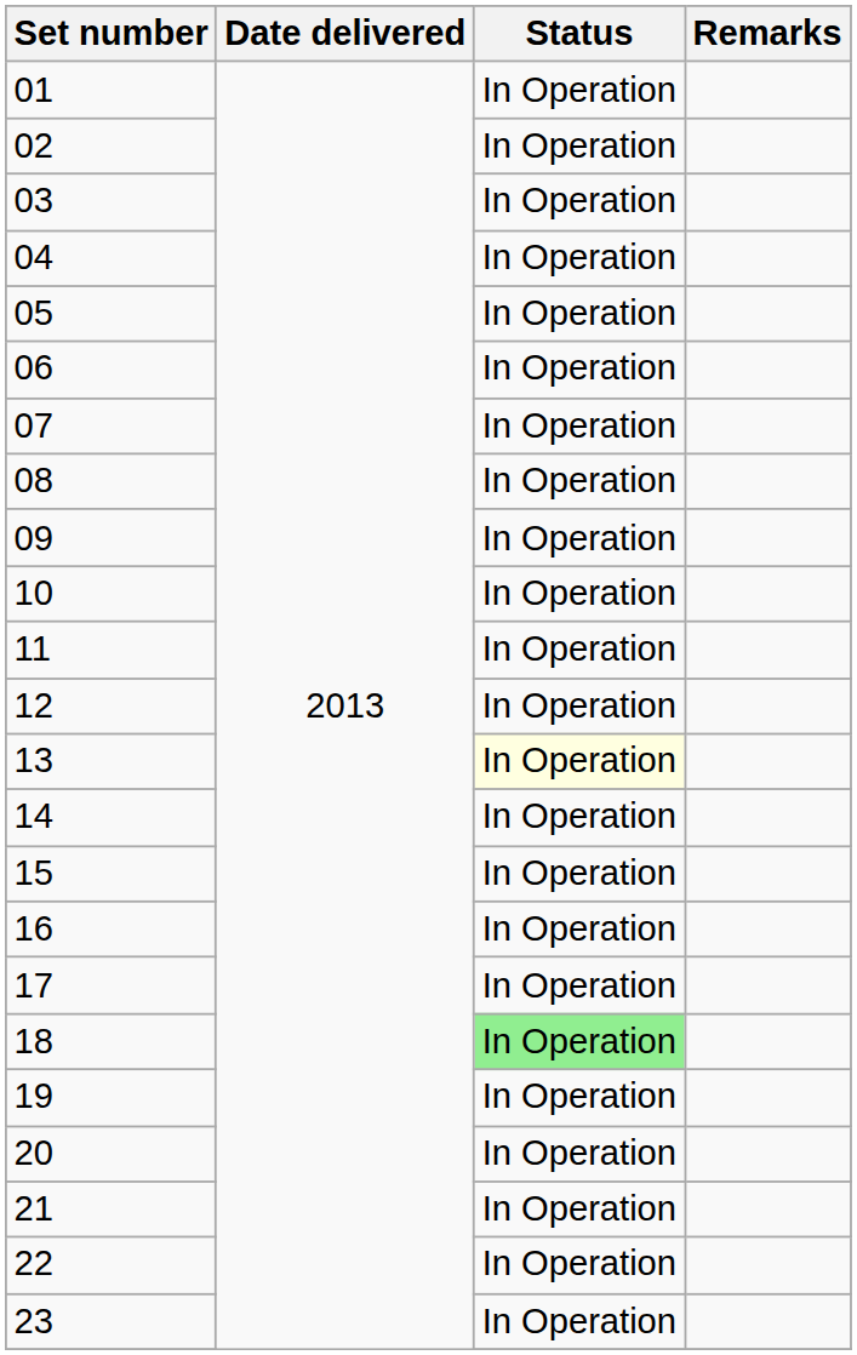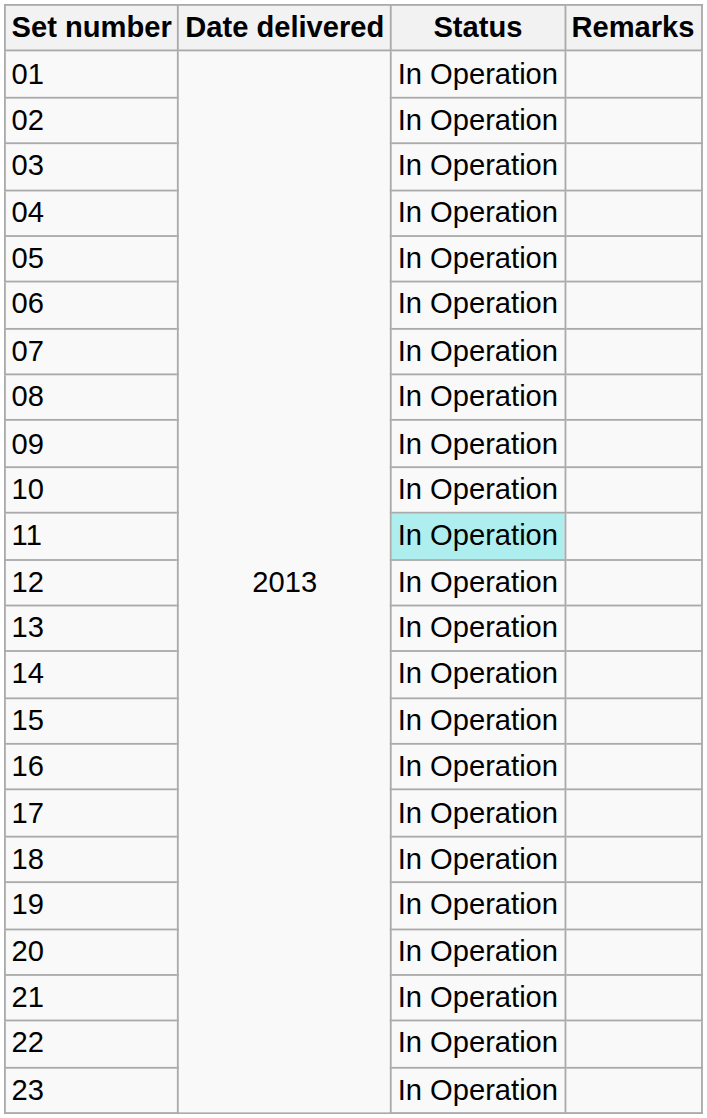 <table class="wikitable">
 <tr>
 <th>Set number</th>
 <th>Date delivered</th>
 <th>Status</th>
 <th>Remarks</th>
 </tr>
 <tr>
 <td>01</td>
 <td rowspan="24" style="text-align:center">2013</td>
 <td>In Operation</td>
 <td></td>
 </tr>
 <tr>
 <td>02</td>
 <td>In Operation</td>
 <td></td>
 </tr>
 <tr>
 <td>03</td>
 <td>In Operation</td>
 <td></td>
 </tr>
 <tr>
 <td>04</td>
 <td>In Operation</td>
 <td></td>
 </tr>
 <tr>
 <td>05</td>
 <td>In Operation</td>
 <td></td>
 </tr>
 <tr>
 <td>06</td>
 <td>In Operation</td>
 <td></td>
 </tr>
 <tr>
 <td>07</td>
 <td>In Operation</td>
 <td></td>
 </tr>
 <tr>
 <td>08</td>
 <td>In Operation</td>
 <td></td>
 </tr>
 <tr>
 <td>09</td>
 <td>In Operation</td>
 <td></td>
 </tr>
 <tr>
 <td>10</td>
 <td>In Operation</td>
 <td></td>
 </tr>
 <tr>
 <td>11</td>
-<td>In Operation</td>
+<td style="background: paleturquoise;">In Operation</td>
 <td></td>
 </tr>
 <tr>
 <td>12</td>
 <td>In Operation</td>
 <td></td>
 </tr>
 <tr>
 <td>13</td>
-<td style="background: lightyellow;">In Operation</td>
+<td>In Operation</td>
 <td></td>
 </tr>
 <tr>
 <td>14</td>
 <td>In Operation</td>
 <td></td>
 </tr>
 <tr>
 <td>15</td>
 <td>In Operation</td>
 <td></td>
 </tr>
 <tr>
 <td>16</td>
 <td>In Operation</td>
 <td></td>
 </tr>
 <tr>
 <td>17</td>
 <td>In Operation</td>
 <td></td>
 </tr>
 <tr>
 <td>18</td>
-<td style="background: lightgreen;">In Operation</td>
+<td>In Operation</td>
 <td></td>
 </tr>
 <tr>
 <td>19</td>
 <td>In Operation</td>
 <td></td>
 </tr>
 <tr>
 <td>20</td>
 <td>In Operation</td>
 <td></td>
 </tr>
 <tr>
 <td>21</td>
 <td>In Operation</td>
 <td></td>
 </tr>
 <tr>
 <td>22</td>
 <td>In Operation</td>
 <td></td>
 </tr>
 <tr>
 <td>23</td>
 <td>In Operation</td>
 <td></td>
 </tr>
 <tr>
 </tr>
 </table>
